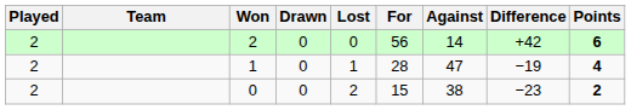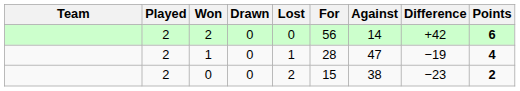 <table class="wikitable" style="text-align:center">
 <tr>
+<th width=165>Team</th>
 <th width=40>Played</th>
-<th width=165>Team</th>
 <th width=40>Won</th>
 <th width=40>Drawn</th>
 <th width=40>Lost</th>
 <th width=40>For</th>
 <th width=40>Against</th>
 <th width=40>Difference</th>
 <th width=40>Points</th>
 </tr>
 <tr bgcolor=#ccffcc>
+<td style="text-align:left"></td>
 <td>2</td>
-<td style="text-align:left"></td>
 <td>2</td>
 <td>0</td>
 <td>0</td>
 <td>56</td>
 <td>14</td>
 <td>+42</td>
 <td><strong>6</strong></td>
 </tr>
 <tr>
+<td style="text-align:left"></td>
 <td>2</td>
-<td style="text-align:left"></td>
 <td>1</td>
 <td>0</td>
 <td>1</td>
 <td>28</td>
 <td>47</td>
 <td>−19</td>
 <td><strong>4</strong></td>
 </tr>
 <tr>
+<td style="text-align:left"></td>
 <td>2</td>
-<td style="text-align:left"></td>
 <td>0</td>
 <td>0</td>
 <td>2</td>
 <td>15</td>
 <td>38</td>
 <td>−23</td>
 <td><strong>2</strong></td>
 </tr>
 </table>
